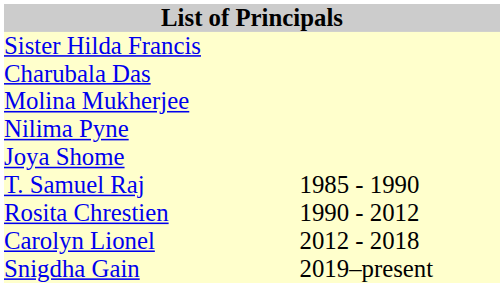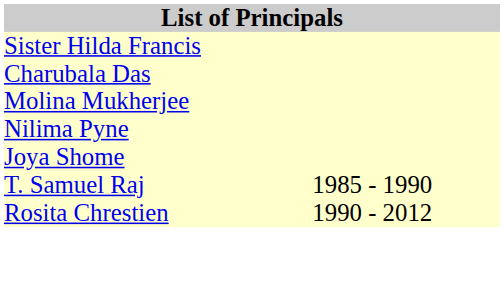 <table class="toccolours" style="fix: right; margin-right: 1em; font-size: 100%; background:#ffffcc; color:black; width:20em; max-width: 75%;" cellspacing="0" cellpadding="0">
 <tr>
 <th style="background-color:#cccccc;" colspan=2>List of Principals</th>
 </tr>
 <tr>
 <td style="text-align: left;"></td>
 </tr>
 <tr>
 <td><a href='#'>Sister Hilda Francis</a></td>
 <td></td>
 </tr>
 <tr>
 <td><a href='#'>Charubala Das</a></td>
 <td></td>
 </tr>
 <tr>
 <td><a href='#'>Molina Mukherjee</a></td>
 <td></td>
 </tr>
 <tr>
 <td><a href='#'>Nilima Pyne</a></td>
 <td></td>
 </tr>
 <tr>
 <td><a href='#'>Joya Shome</a></td>
 <td></td>
 </tr>
 <tr>
 <td><a href='#'>T. Samuel Raj</a></td>
 <td>1985 - 1990</td>
 </tr>
 <tr>
 <td><a href='#'>Rosita Chrestien</a></td>
 <td>1990 - 2012</td>
 </tr>
-<tr>
-<td><a href='#'>Carolyn Lionel</a></td>
-<td>2012 - 2018</td>
-</tr>
-<tr>
-<td><a href='#'>Snigdha Gain</a></td>
-<td>2019–present</td>
-</tr>
 </table>
